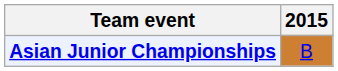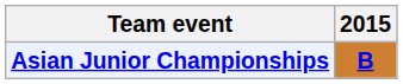 <table class="wikitable" style="font-size: 90%; text-align:center">
 <tr>
 <th>Team event</th>
 <th>2015</th>
 </tr>
 <tr>
 <td bgcolor="#ECF2FF"; align="left"><strong><a href='#'>Asian Junior Championships</a></strong></td>
-<td bgcolor=CD7F32><a href='#'>B</a></td>
+<td bgcolor=CD7F32><strong><a href='#'>B</a></strong></td>
 </tr>
 </table>
